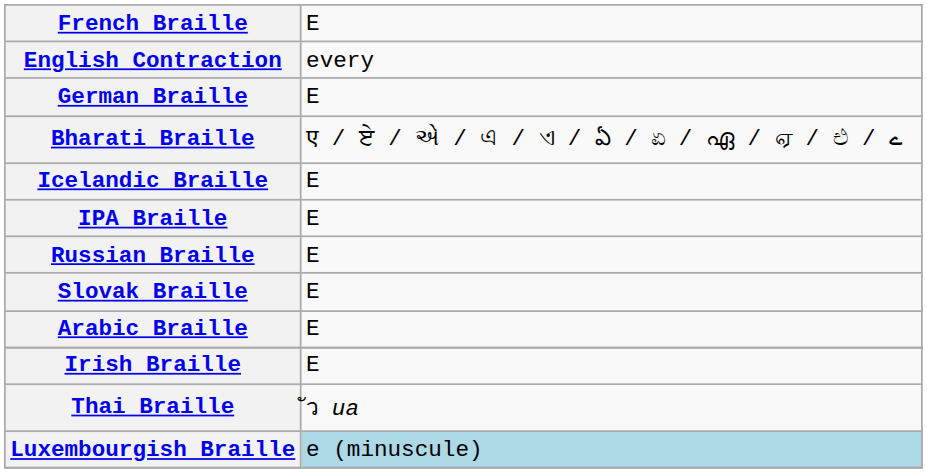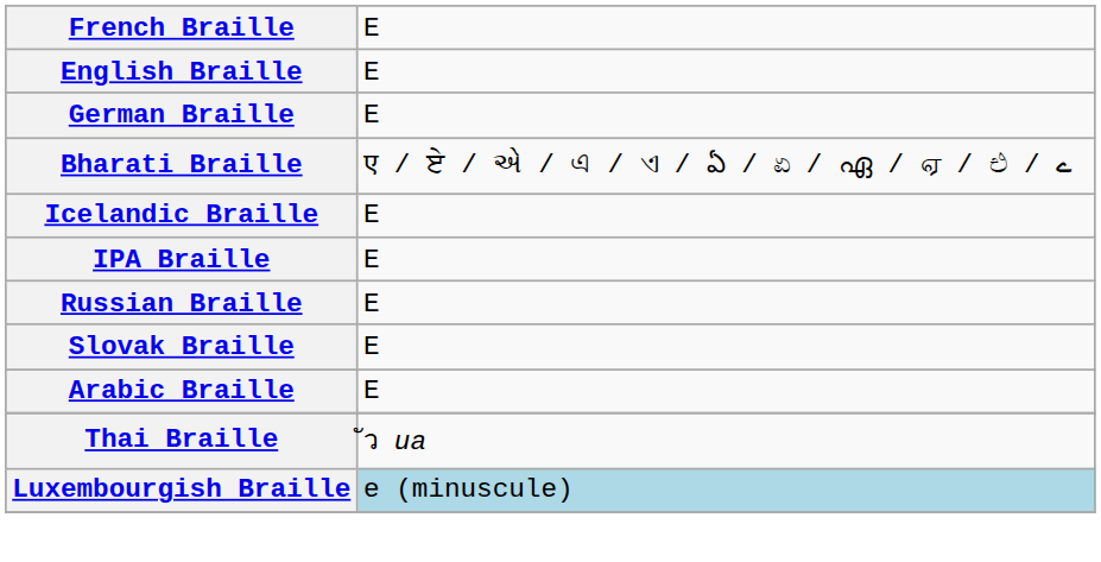 <table class="wikitable">
 <tr>
 <th align=left><a href='#'>French Braille</a></th>
 <td>E</td>
 </tr>
 <tr>
-<th align=left><a href='#'>English Contraction</a></th>
-<td>every</td>
+<th align=left><a href='#'>English Braille</a></th>
+<td>E</td>
 </tr>
 <tr>
 <th align=left><a href='#'>German Braille</a></th>
 <td>E</td>
 </tr>
 <tr>
 <th align=left><a href='#'>Bharati Braille</a></th>
 <td>ए / ਏ / એ / এ / ଏ / ఏ / ಏ / ഏ / ஏ / එ / ے ‎</td>
 </tr>
 <tr>
 <th align=left><a href='#'>Icelandic Braille</a></th>
 <td>E</td>
 </tr>
 <tr>
 <th align=left><a href='#'>IPA Braille</a></th>
 <td>Е</td>
 </tr>
 <tr>
 <th align=left><a href='#'>Russian Braille</a></th>
 <td>Е</td>
 </tr>
 <tr>
 <th align=left><a href='#'>Slovak Braille</a></th>
 <td>E</td>
 </tr>
 <tr>
 <th align=left><a href='#'>Arabic Braille</a></th>
 <td>Е</td>
 </tr>
 <tr>
 </tr>
 <tr>
-<th align=left><a href='#'>Irish Braille</a></th>
-<td>E</td>
-</tr>
-<tr>
 <th align=left><a href='#'>Thai Braille</a></th>
 <td>ัว <em>ua</em></td>
 </tr>
 <tr>
 <th align=left><a href='#'>Luxembourgish Braille</a></th>
 <td style="background: lightblue;">e (minuscule)</td>
 </tr>
 <tr>
 </tr>
 </table>
